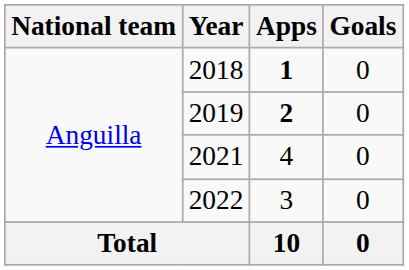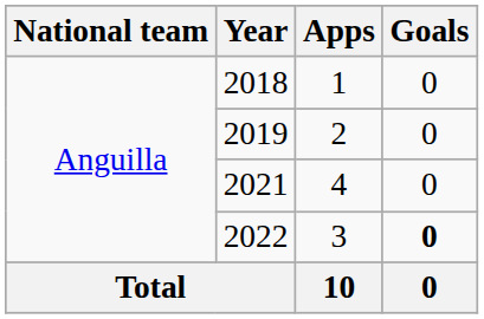 <table class="wikitable" style="text-align:center">
 <tr>
 <th>National team</th>
 <th>Year</th>
 <th>Apps</th>
 <th>Goals</th>
 </tr>
 <tr>
 <td rowspan=4><a href='#'>Anguilla</a></td>
 <td>2018</td>
-<td><strong>1</strong></td>
+<td>1</td>
 <td>0</td>
 </tr>
 <tr>
 <td>2019</td>
-<td><strong>2</strong></td>
+<td>2</td>
 <td>0</td>
 </tr>
 <tr>
 <td>2021</td>
 <td>4</td>
 <td>0</td>
 </tr>
 <tr>
 <td>2022</td>
 <td>3</td>
-<td>0</td>
+<td><strong>0</strong></td>
 </tr>
 <tr>
 <th colspan=2>Total</th>
 <th>10</th>
 <th>0</th>
 </tr>
 </table>
